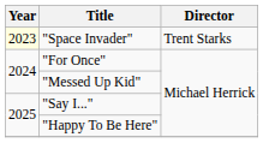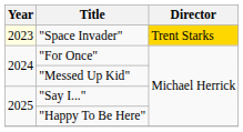 <table class="wikitable">
 <tr>
 <th>Year</th>
 <th>Title</th>
 <th>Director</th>
 </tr>
 <tr>
 <td style="background: lightyellow;">2023</td>
 <td>"Space Invader"</td>
-<td>Trent Starks</td>
+<td style="background: gold;">Trent Starks</td>
 </tr>
 <tr>
 <td rowspan="2">2024</td>
 <td>"For Once"</td>
 <td rowspan="4">Michael Herrick</td>
 </tr>
 <tr>
 <td>"Messed Up Kid"</td>
 </tr>
 <tr>
 <td rowspan="2">2025</td>
 <td>"Say I..."</td>
 </tr>
 <tr>
 <td>"Happy To Be Here"</td>
 </tr>
 <tr>
 </tr>
 </table>
